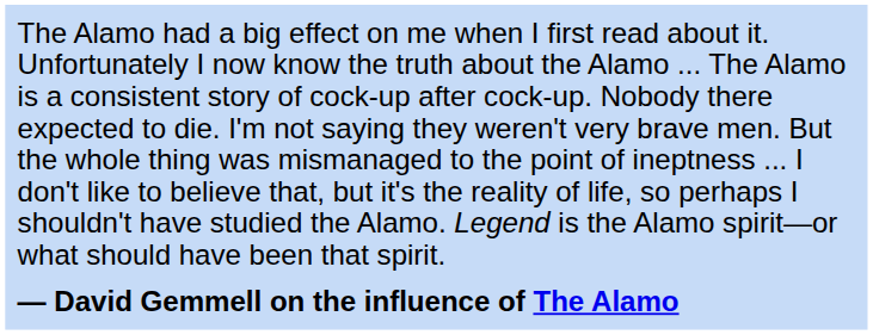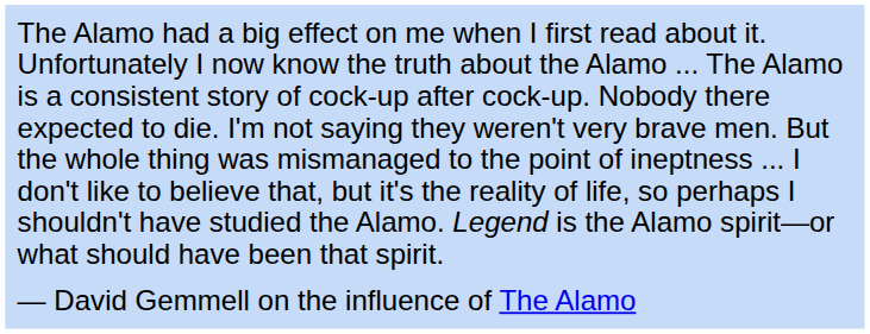 <table class="toccolours" style="float: right; margin-left: 1em; margin-right: 2em; font-size: 85%; background:#c6dbf7; color:black; width:30em; max-width: 40%;" cellspacing="5">
 <tr>
 <td style="text-align: left;">The Alamo had a big effect on me when I first read about it. Unfortunately I now know the truth about the Alamo ... The Alamo is a consistent story of cock-up after cock-up. Nobody there expected to die. I'm not saying they weren't very brave men. But the whole thing was mismanaged to the point of ineptness ... I don't like to believe that, but it's the reality of life, so perhaps I shouldn't have studied the Alamo. <em>Legend</em> is the Alamo spirit—or what should have been that spirit.</td>
 </tr>
 <tr>
-<td style="text-align: left;"><strong>— David Gemmell on the influence of <a href='#'>The Alamo</a></strong></td>
+<td style="text-align: left;">— David Gemmell on the influence of <a href='#'>The Alamo</a></td>
 </tr>
 </table>
